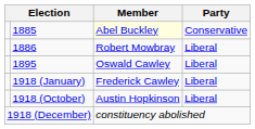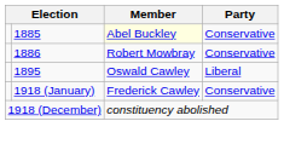 <table class="wikitable">
 <tr>
 <th colspan="2">Election</th>
 <th>Member</th>
 <th>Party</th>
 </tr>
 <tr>
 <td style="color:inherit;background-color: "></td>
 <td><a href='#'>1885</a></td>
 <td style="background: lightyellow;"><a href='#'>Abel Buckley</a></td>
 <td><a href='#'>Conservative</a></td>
 </tr>
 <tr>
 <td style="color:inherit;background-color: "></td>
 <td><a href='#'>1886</a></td>
 <td><a href='#'>Robert Mowbray</a></td>
-<td><a href='#'>Liberal</a></td>
+<td><a href='#'>Conservative</a></td>
 </tr>
 <tr>
 <td style="color:inherit;background-color: "></td>
 <td><a href='#'>1895</a></td>
 <td><a href='#'>Oswald Cawley</a></td>
 <td><a href='#'>Liberal</a></td>
 </tr>
 <tr>
 <td style="color:inherit;background-color: "></td>
 <td><a href='#'>1918 (January)</a></td>
 <td><a href='#'>Frederick Cawley</a></td>
-<td><a href='#'>Liberal</a></td>
-</tr>
-<tr>
-<td style="color:inherit;background-color: "></td>
-<td><a href='#'>1918 (October)</a></td>
-<td><a href='#'>Austin Hopkinson</a></td>
-<td><a href='#'>Liberal</a></td>
+<td><a href='#'>Conservative</a></td>
 </tr>
 <tr>
 <td colspan="2" align="center"><a href='#'>1918 (December)</a></td>
 <td colspan="2"><em>constituency abolished</em></td>
 </tr>
 </table>
